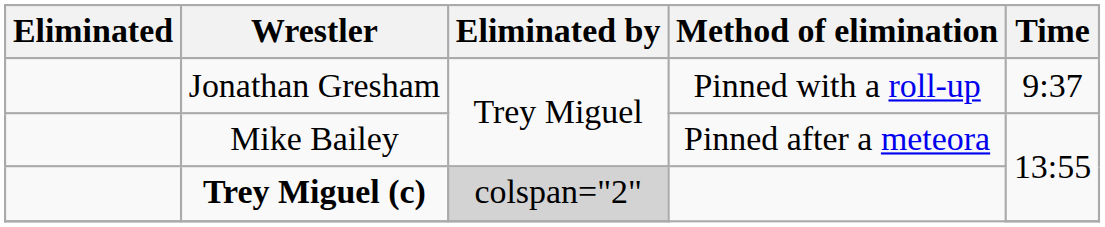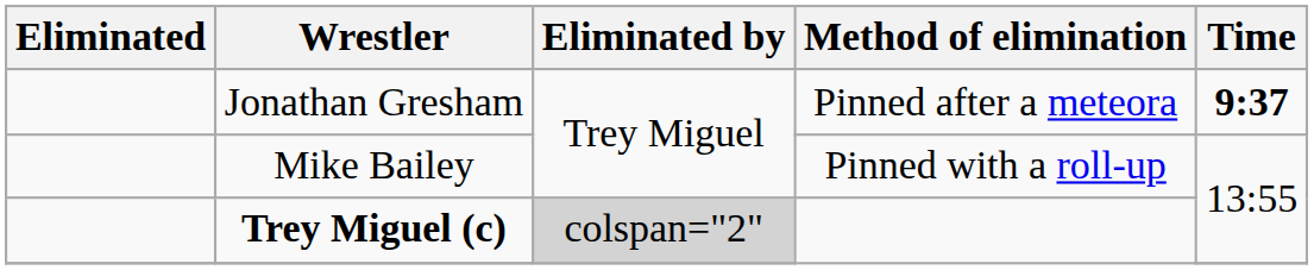 <table class="wikitable sortable" style="text-align:center;">
 <tr>
 <th>Eliminated</th>
 <th>Wrestler</th>
 <th>Eliminated by</th>
 <th>Method of elimination</th>
 <th>Time</th>
 </tr>
 <tr>
 <td></td>
 <td>Jonathan Gresham</td>
 <td rowspan=2>Trey Miguel</td>
-<td>Pinned with a <a href='#'>roll-up</a></td>
-<td>9:37</td>
+<td>Pinned after a <a href='#'>meteora</a></td>
+<td><strong>9:37</strong></td>
 </tr>
 <tr>
 <td></td>
 <td>Mike Bailey</td>
-<td>Pinned after a <a href='#'>meteora</a></td>
+<td>Pinned with a <a href='#'>roll-up</a></td>
 <td rowspan=2>13:55</td>
 </tr>
 <tr>
 <td><strong></strong></td>
 <td><strong>Trey Miguel (c)</strong></td>
 <td style="background: lightgrey;">colspan="2" </td>
 </tr>
 <tr>
 </tr>
 </table>
